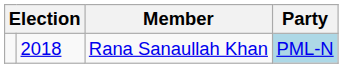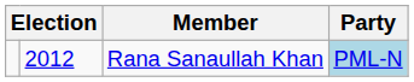 <table class="wikitable">
 <tr>
 <th colspan="2">Election</th>
 <th>Member</th>
 <th>Party</th>
 </tr>
 <tr>
 <td style="background-color: "></td>
-<td><a href='#'>2018</a></td>
+<td><a href='#'>2012</a></td>
 <td><a href='#'>Rana Sanaullah Khan</a></td>
 <td style="background: lightblue;"><a href='#'>PML-N</a></td>
 </tr>
 </table>
